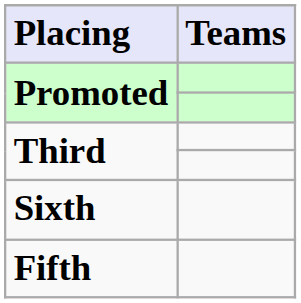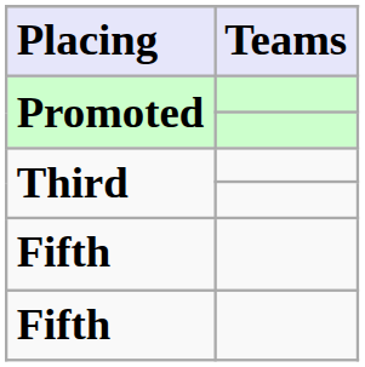 <table class=wikitable>
 <tr>
 </tr>
 <tr style="background: #E6E6FA;">
 <td><strong>Placing</strong></td>
 <td><strong>Teams</strong></td>
 </tr>
 <tr style="background: #ccffcc;">
 <td rowspan="2"><strong>Promoted</strong></td>
 <td><strong></strong></td>
 </tr>
 <tr style="background: #ccffcc;">
 <td><strong></strong></td>
 </tr>
 <tr>
 <td rowspan="2"><strong>Third</strong></td>
 <td></td>
 </tr>
 <tr>
 <td></td>
 </tr>
 <tr>
-<td><strong>Sixth</strong></td>
+<td><strong>Fifth</strong></td>
 <td></td>
 </tr>
 <tr>
 <td><strong>Fifth</strong></td>
 <td></td>
 </tr>
 </table>
